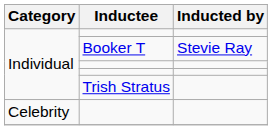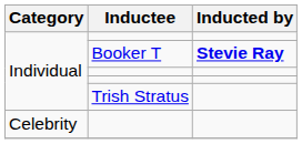 <table class="wikitable">
 <tr>
 <th>Category</th>
 <th>Inductee</th>
 <th>Inducted by</th>
 </tr>
 <tr>
 <td rowspan="5">Individual</td>
 <td></td>
 <td></td>
 </tr>
 <tr>
 <td><a href='#'>Booker T</a></td>
-<td><a href='#'>Stevie Ray</a></td>
+<td><strong><a href='#'>Stevie Ray</a></strong></td>
 </tr>
 <tr>
 <td><strong></strong></td>
 <td></td>
 </tr>
 <tr>
 <td></td>
 <td></td>
 </tr>
 <tr>
 <td><a href='#'>Trish Stratus</a></td>
 <td></td>
 </tr>
 <tr>
 <td>Celebrity</td>
 <td></td>
 <td></td>
 </tr>
 <tr>
 </tr>
 </table>
